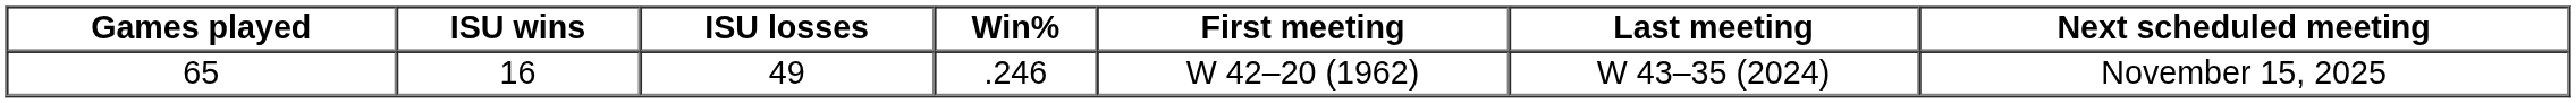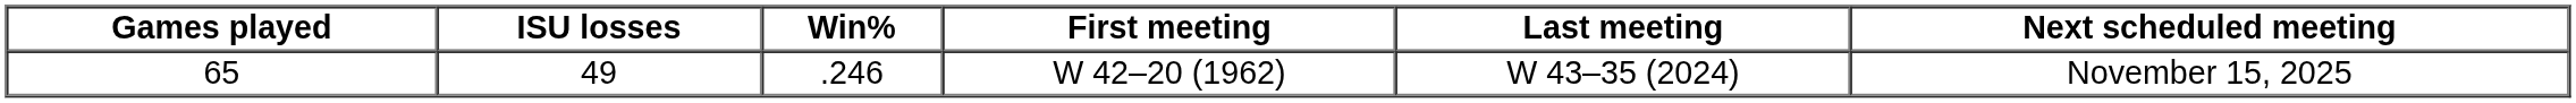 <table cellpadding="1" border="1" cellspacing="0" style="width:100%;">
 <tr>
 <th>Games played</th>
-<th>ISU wins</th>
 <th>ISU losses</th>
 <th>Win%</th>
 <th>First meeting</th>
 <th>Last meeting</th>
 <th>Next scheduled meeting</th>
 </tr>
 <tr style="text-align:center;">
 <td>65</td>
-<td>16</td>
 <td>49</td>
 <td>.246</td>
 <td>W 42–20 (1962)</td>
 <td>W 43–35 (2024)</td>
 <td>November 15, 2025</td>
 </tr>
 </table>
